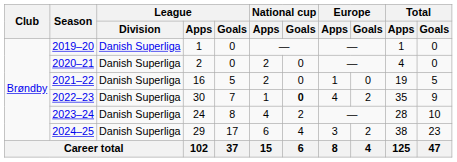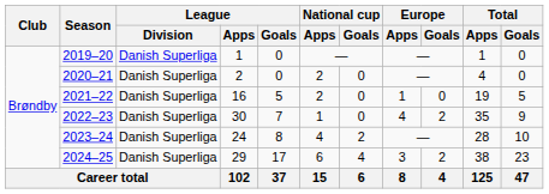 <table class="wikitable" style="text-align:center">
 <tr>
 <th rowspan="2">Club</th>
 <th rowspan="2">Season</th>
 <th colspan="3">League</th>
 <th colspan="2">National cup</th>
 <th colspan="2">Europe</th>
 <th colspan="2">Total</th>
 </tr>
 <tr>
 <th>Division</th>
 <th>Apps</th>
 <th>Goals</th>
 <th>Apps</th>
 <th>Goals</th>
 <th>Apps</th>
 <th>Goals</th>
 <th>Apps</th>
 <th>Goals</th>
 </tr>
 <tr>
 <td rowspan="6"><a href='#'>Brøndby</a></td>
 <td><a href='#'>2019–20</a></td>
 <td><a href='#'>Danish Superliga</a></td>
 <td>1</td>
 <td>0</td>
 <td colspan="2">—</td>
 <td colspan="2">—</td>
 <td>1</td>
 <td>0</td>
 </tr>
 <tr>
 <td><a href='#'>2020–21</a></td>
 <td>Danish Superliga</td>
 <td>2</td>
 <td>0</td>
 <td>2</td>
 <td>0</td>
 <td colspan="2">—</td>
 <td>4</td>
 <td>0</td>
 </tr>
 <tr>
 <td><a href='#'>2021–22</a></td>
 <td>Danish Superliga</td>
 <td>16</td>
 <td>5</td>
 <td>2</td>
 <td>0</td>
 <td>1</td>
 <td>0</td>
 <td>19</td>
 <td>5</td>
 </tr>
 <tr>
 <td><a href='#'>2022–23</a></td>
 <td>Danish Superliga</td>
 <td>30</td>
 <td>7</td>
 <td>1</td>
-<td><strong>0</strong></td>
+<td>0</td>
 <td>4</td>
 <td>2</td>
 <td>35</td>
 <td>9</td>
 </tr>
 <tr>
 <td><a href='#'>2023–24</a></td>
 <td>Danish Superliga</td>
 <td>24</td>
 <td>8</td>
 <td>4</td>
 <td>2</td>
 <td colspan="2">—</td>
 <td>28</td>
 <td>10</td>
 </tr>
 <tr>
 <td><a href='#'>2024–25</a></td>
 <td>Danish Superliga</td>
 <td>29</td>
 <td>17</td>
 <td>6</td>
 <td>4</td>
 <td>3</td>
 <td>2</td>
 <td>38</td>
 <td>23</td>
 </tr>
 <tr>
 <th colspan="3">Career total</th>
 <th>102</th>
 <th>37</th>
 <th>15</th>
 <th>6</th>
 <th>8</th>
 <th>4</th>
 <th>125</th>
 <th>47</th>
 </tr>
 </table>
